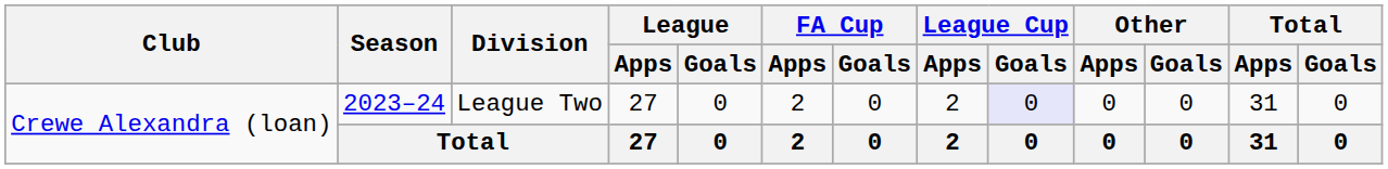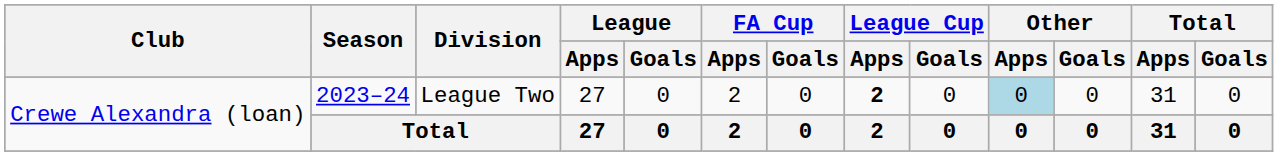 <table class="wikitable" style="text-align:center;">
 <tr>
 <th rowspan="2">Club</th>
 <th rowspan="2">Season</th>
 <th rowspan="2">Division</th>
 <th colspan="2">League</th>
 <th colspan="2"><a href='#'>FA Cup</a></th>
 <th colspan="2"><a href='#'>League Cup</a></th>
 <th colspan="2">Other</th>
 <th colspan="2">Total</th>
 </tr>
 <tr>
 <th>Apps</th>
 <th>Goals</th>
 <th>Apps</th>
 <th>Goals</th>
 <th>Apps</th>
 <th>Goals</th>
 <th>Apps</th>
 <th>Goals</th>
 <th>Apps</th>
 <th>Goals</th>
 </tr>
 <tr>
 <td rowspan="2"><a href='#'>Crewe Alexandra</a> (loan)</td>
 <td><a href='#'>2023–24</a></td>
 <td>League Two</td>
 <td>27</td>
 <td>0</td>
 <td>2</td>
 <td>0</td>
-<td>2</td>
-<td style="background: lavender;">0</td>
+<td><strong>2</strong></td>
 <td>0</td>
+<td style="background: lightblue;">0</td>
 <td>0</td>
 <td>31</td>
 <td>0</td>
 </tr>
 <tr>
 <th colspan="2">Total</th>
 <th>27</th>
 <th>0</th>
 <th>2</th>
 <th>0</th>
 <th>2</th>
 <th>0</th>
 <th>0</th>
 <th>0</th>
 <th>31</th>
 <th>0</th>
 </tr>
 </table>
